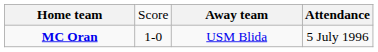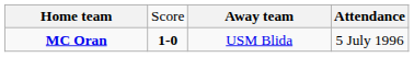 <table class="wikitable" style="text-align:center">
 <tr>
 <th width="150">Home team</th>
 <td>Score</td>
 <th width="150">Away team</th>
 <th>Attendance</th>
 </tr>
 <tr>
 <td><strong><a href='#'>MC Oran</a></strong></td>
-<td>1-0</td>
+<td><strong>1-0</strong></td>
 <td><a href='#'>USM Blida</a></td>
 <td>5 July 1996</td>
 </tr>
 </table>
